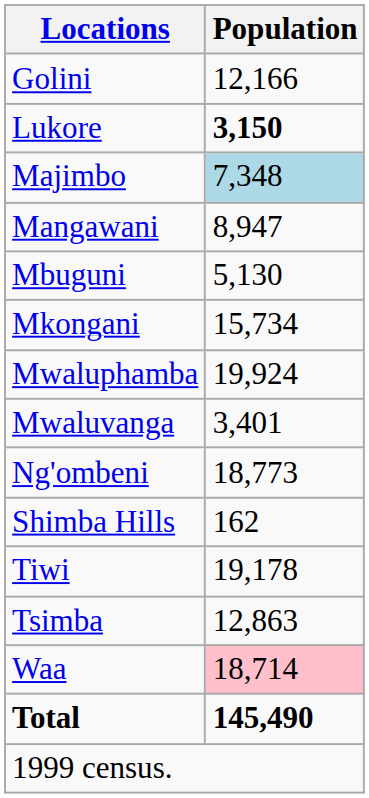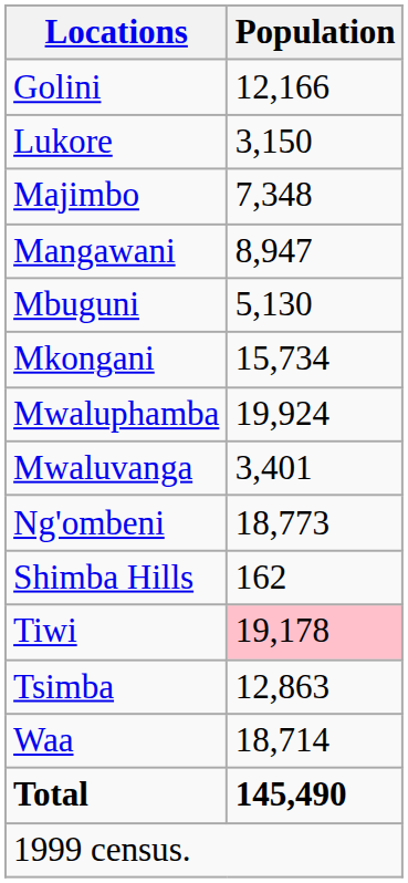 <table class="wikitable">
 <tr>
 <th><a href='#'>Locations</a></th>
 <th>Population</th>
 </tr>
 <tr>
 <td><a href='#'>Golini</a></td>
 <td>12,166</td>
 </tr>
 <tr>
 <td><a href='#'>Lukore</a></td>
-<td><strong>3,150</strong></td>
+<td>3,150</td>
 </tr>
 <tr>
 <td><a href='#'>Majimbo</a></td>
-<td style="background: lightblue;">7,348</td>
+<td>7,348</td>
 </tr>
 <tr>
 <td><a href='#'>Mangawani</a></td>
 <td>8,947</td>
 </tr>
 <tr>
 <td><a href='#'>Mbuguni</a></td>
 <td>5,130</td>
 </tr>
 <tr>
 <td><a href='#'>Mkongani</a></td>
 <td>15,734</td>
 </tr>
 <tr>
 <td><a href='#'>Mwaluphamba</a></td>
 <td>19,924</td>
 </tr>
 <tr>
 <td><a href='#'>Mwaluvanga</a></td>
 <td>3,401</td>
 </tr>
 <tr>
 <td><a href='#'>Ng'ombeni</a></td>
 <td>18,773</td>
 </tr>
 <tr>
 <td><a href='#'>Shimba Hills</a></td>
 <td>162</td>
 </tr>
 <tr>
 <td><a href='#'>Tiwi</a></td>
-<td>19,178</td>
+<td style="background: pink;">19,178</td>
 </tr>
 <tr>
 <td><a href='#'>Tsimba</a></td>
 <td>12,863</td>
 </tr>
 <tr>
 <td><a href='#'>Waa</a></td>
-<td style="background: pink;">18,714</td>
+<td>18,714</td>
 </tr>
 <tr>
 <td><strong>Total</strong></td>
 <td><strong>145,490</strong></td>
 </tr>
 <tr>
 <td colspan="2">1999 census.</td>
 </tr>
 </table>
